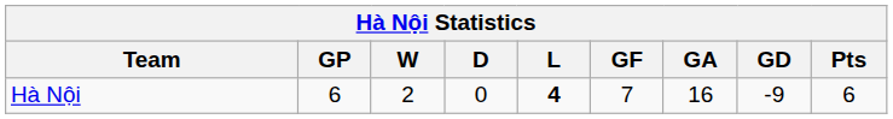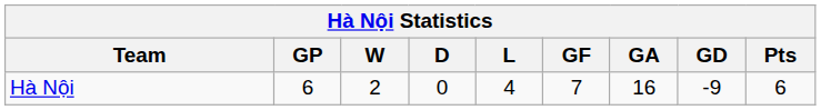 <table width=70% class="wikitable" style="text-align:center;">
 <tr>
 <th colspan=9><a href='#'>Hà Nội</a> Statistics</th>
 </tr>
 <tr>
 <th width=20%>Team</th>
 <th width=5%>GP</th>
 <th width=5%>W</th>
 <th width=5%>D</th>
 <th width=5%>L</th>
 <th width=5%>GF</th>
 <th width=5%>GA</th>
 <th width=5%>GD</th>
 <th width=5%>Pts</th>
 </tr>
 <tr>
 <td style="text-align:left;"> <a href='#'>Hà Nội</a></td>
 <td>6</td>
 <td>2</td>
 <td>0</td>
-<td><strong>4</strong></td>
+<td>4</td>
 <td>7</td>
 <td>16</td>
 <td>-9</td>
 <td>6</td>
 </tr>
 </table>
